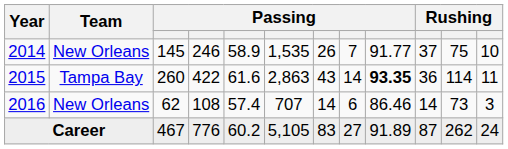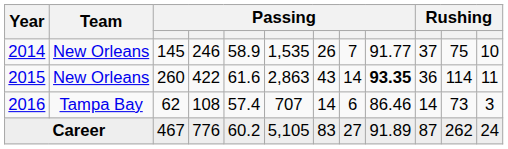 <table class="wikitable sortable" style="text-align:center">
 <tr>
 <th rowspan=2>Year</th>
 <th rowspan=2>Team</th>
 <th colspan=7>Passing</th>
 <th colspan=3>Rushing</th>
 </tr>
 <tr>
 <th></th>
 <th></th>
 <th></th>
 <th></th>
 <th></th>
 <th></th>
 <th></th>
 <th></th>
 <th></th>
 <th></th>
 </tr>
 <tr>
 <td><a href='#'>2014</a></td>
 <td><a href='#'>New Orleans</a></td>
 <td>145</td>
 <td>246</td>
 <td>58.9</td>
 <td>1,535</td>
 <td>26</td>
 <td>7</td>
 <td>91.77</td>
 <td>37</td>
 <td>75</td>
 <td>10</td>
 </tr>
 <tr>
 <td><a href='#'>2015</a></td>
-<td><a href='#'>Tampa Bay</a></td>
+<td><a href='#'>New Orleans</a></td>
 <td>260</td>
 <td>422</td>
 <td>61.6</td>
 <td>2,863</td>
 <td>43</td>
 <td>14</td>
 <td><strong>93.35</strong></td>
 <td>36</td>
 <td>114</td>
 <td>11</td>
 </tr>
 <tr>
 <td><a href='#'>2016</a></td>
-<td><a href='#'>New Orleans</a></td>
+<td><a href='#'>Tampa Bay</a></td>
 <td>62</td>
 <td>108</td>
 <td>57.4</td>
 <td>707</td>
 <td>14</td>
 <td>6</td>
 <td>86.46</td>
 <td>14</td>
 <td>73</td>
 <td>3</td>
 </tr>
 <tr class="sortbottom" style="background:#eee;">
 <td colspan=2><strong>Career</strong></td>
 <td>467</td>
 <td>776</td>
 <td>60.2</td>
 <td>5,105</td>
 <td>83</td>
 <td>27</td>
 <td>91.89</td>
 <td>87</td>
 <td>262</td>
 <td>24</td>
 </tr>
 </table>
